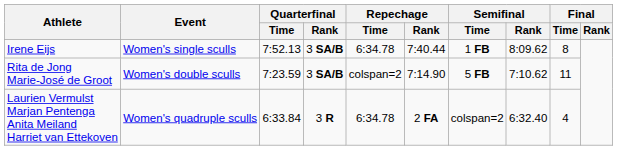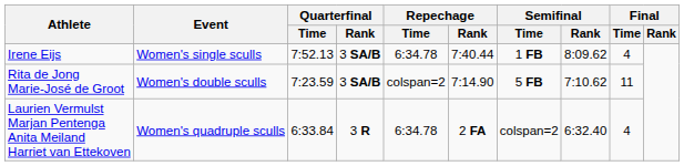 <table class="wikitable" style="font-size:90%">
 <tr>
 <th rowspan="2">Athlete</th>
 <th rowspan="2">Event</th>
 <th colspan="2">Quarterfinal</th>
 <th colspan="2">Repechage</th>
 <th colspan="2">Semifinal</th>
 <th colspan="2">Final</th>
 </tr>
 <tr style="font-size:95%">
 <th>Time</th>
 <th>Rank</th>
 <th>Time</th>
 <th>Rank</th>
 <th>Time</th>
 <th>Rank</th>
 <th>Time</th>
 <th>Rank</th>
 </tr>
 <tr align=center>
 <td align=left><a href='#'>Irene Eijs</a></td>
 <td align=left><a href='#'>Women's single sculls</a></td>
 <td>7:52.13</td>
 <td>3 <strong>SA/B</strong></td>
 <td>6:34.78</td>
 <td>7:40.44</td>
 <td>1 <strong>FB</strong></td>
 <td>8:09.62</td>
-<td>8</td>
+<td>4</td>
 </tr>
 <tr align=center>
 <td align=left><a href='#'>Rita de Jong</a><br><a href='#'>Marie-José de Groot</a></td>
 <td align=left><a href='#'>Women's double sculls</a></td>
 <td>7:23.59</td>
 <td>3 <strong>SA/B</strong></td>
 <td>colspan=2 </td>
 <td>7:14.90</td>
 <td>5 <strong>FB</strong></td>
 <td>7:10.62</td>
 <td>11</td>
 </tr>
 <tr align=center>
 <td align=left><a href='#'>Laurien Vermulst</a><br><a href='#'>Marjan Pentenga</a><br><a href='#'>Anita Meiland</a><br><a href='#'>Harriet van Ettekoven</a></td>
 <td align=left><a href='#'>Women's quadruple sculls</a></td>
 <td>6:33.84</td>
 <td>3 <strong>R</strong></td>
 <td>6:34.78</td>
 <td>2 <strong>FA</strong></td>
 <td>colspan=2 </td>
 <td>6:32.40</td>
 <td>4</td>
 </tr>
 </table>
